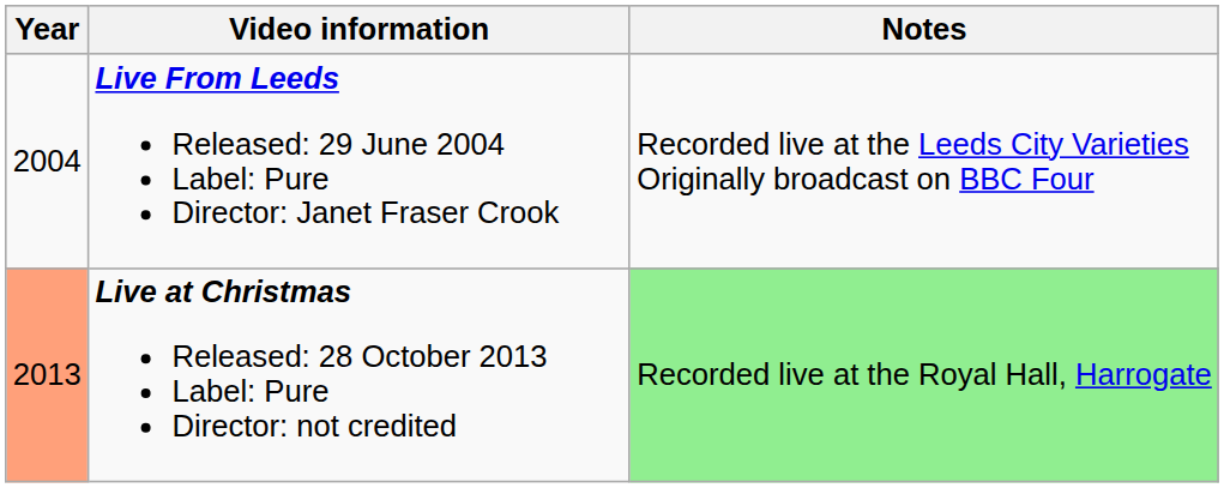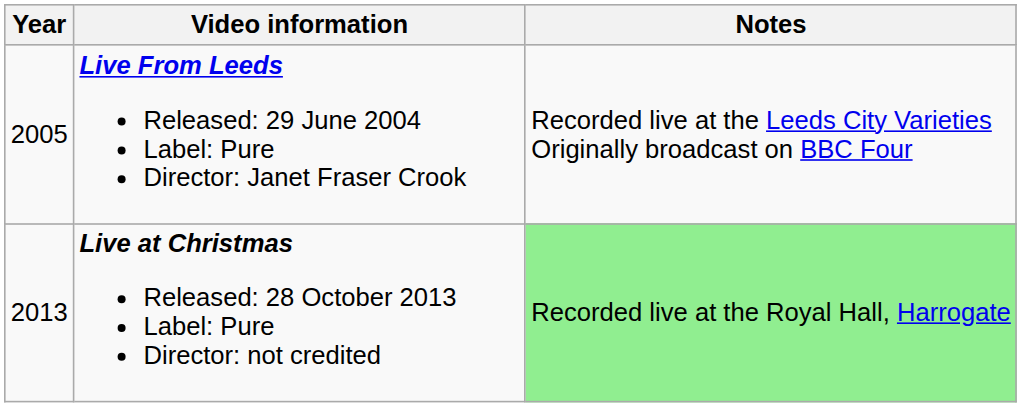 <table class="wikitable">
 <tr>
 <th>Year</th>
 <th width=275>Video information</th>
 <th>Notes</th>
 </tr>
 <tr>
-<td align=center>2004</td>
+<td align=center>2005</td>
 <td><strong><em><a href='#'>Live From Leeds</a></em></strong><br><ul><li>Released: 29 June 2004</li><li>Label: Pure</li><li>Director: Janet Fraser Crook</li></ul></td>
 <td>Recorded live at the <a href='#'>Leeds City Varieties</a><br>Originally broadcast on <a href='#'>BBC Four</a></td>
 </tr>
 <tr>
-<td align=center style="background: lightsalmon;">2013</td>
+<td align=center>2013</td>
 <td><strong><em>Live at Christmas</em></strong><br><ul><li>Released: 28 October 2013</li><li>Label: Pure</li><li>Director: not credited</li></ul></td>
 <td style="background: lightgreen;">Recorded live at the Royal Hall, <a href='#'>Harrogate</a></td>
 </tr>
 </table>
